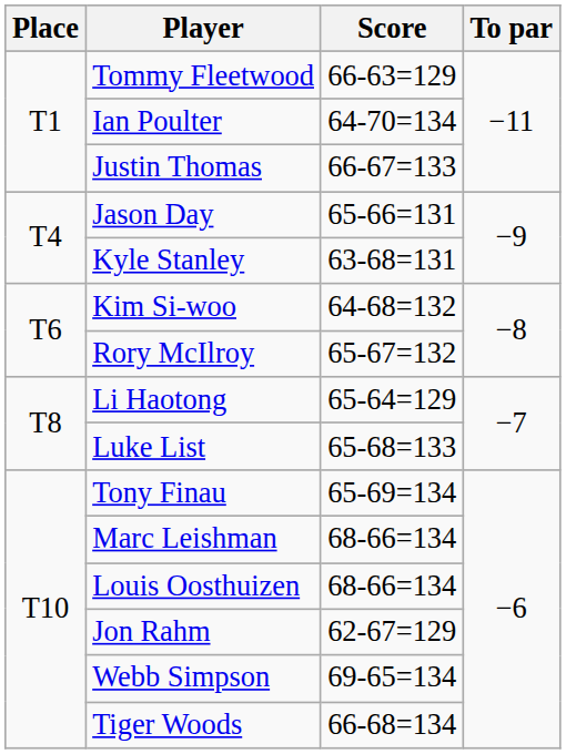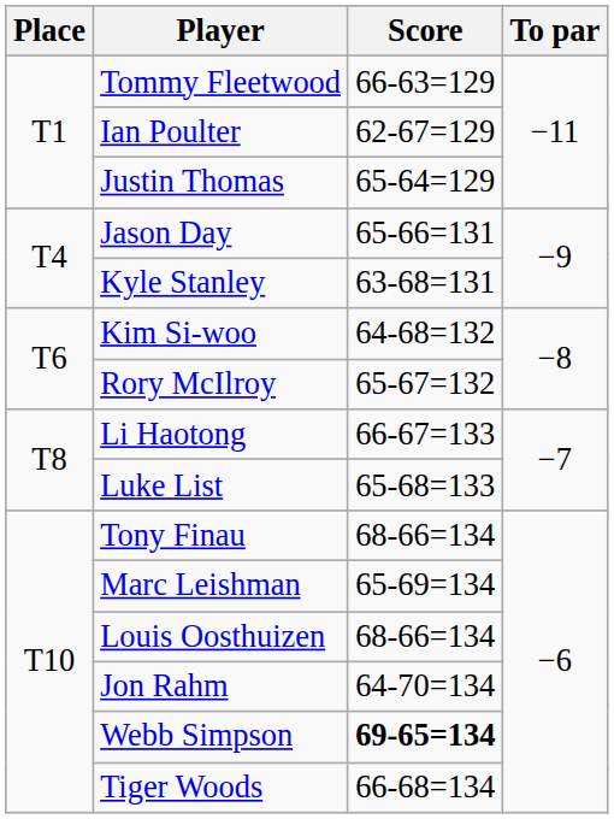 <table class="wikitable">
 <tr>
 <th>Place</th>
 <th>Player</th>
 <th>Score</th>
 <th>To par</th>
 </tr>
 <tr>
 <td align=center rowspan=3>T1</td>
 <td> <a href='#'>Tommy Fleetwood</a></td>
 <td>66-63=129</td>
 <td align=center rowspan=3>−11</td>
 </tr>
 <tr>
 <td> <a href='#'>Ian Poulter</a></td>
-<td>64-70=134</td>
+<td>62-67=129</td>
 </tr>
 <tr>
 <td> <a href='#'>Justin Thomas</a></td>
-<td>66-67=133</td>
+<td>65-64=129</td>
 </tr>
 <tr>
 <td align=center rowspan=2>T4</td>
 <td> <a href='#'>Jason Day</a></td>
 <td>65-66=131</td>
 <td align=center rowspan=2>−9</td>
 </tr>
 <tr>
 <td> <a href='#'>Kyle Stanley</a></td>
 <td>63-68=131</td>
 </tr>
 <tr>
 <td align=center rowspan=2>T6</td>
 <td> <a href='#'>Kim Si-woo</a></td>
 <td>64-68=132</td>
 <td align=center rowspan=2>−8</td>
 </tr>
 <tr>
 <td> <a href='#'>Rory McIlroy</a></td>
 <td>65-67=132</td>
 </tr>
 <tr>
 <td align=center rowspan=2>T8</td>
 <td> <a href='#'>Li Haotong</a></td>
-<td>65-64=129</td>
+<td>66-67=133</td>
 <td align=center rowspan=2>−7</td>
 </tr>
 <tr>
 <td> <a href='#'>Luke List</a></td>
 <td>65-68=133</td>
 </tr>
 <tr>
 <td align=center rowspan=6>T10</td>
 <td> <a href='#'>Tony Finau</a></td>
-<td>65-69=134</td>
+<td>68-66=134</td>
 <td align=center rowspan=6>−6</td>
 </tr>
 <tr>
 <td> <a href='#'>Marc Leishman</a></td>
-<td>68-66=134</td>
+<td>65-69=134</td>
 </tr>
 <tr>
 <td> <a href='#'>Louis Oosthuizen</a></td>
 <td>68-66=134</td>
 </tr>
 <tr>
 <td> <a href='#'>Jon Rahm</a></td>
-<td>62-67=129</td>
+<td>64-70=134</td>
 </tr>
 <tr>
 <td> <a href='#'>Webb Simpson</a></td>
-<td>69-65=134</td>
+<td><strong>69-65=134</strong></td>
 </tr>
 <tr>
 <td> <a href='#'>Tiger Woods</a></td>
 <td>66-68=134</td>
 </tr>
 </table>
